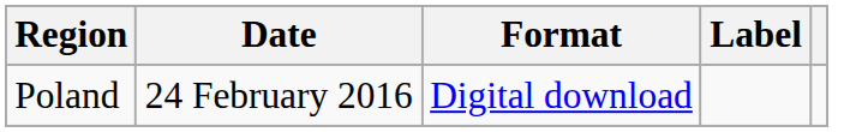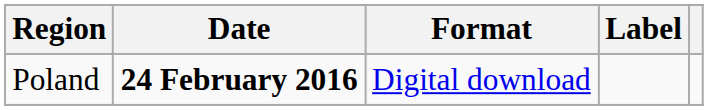 <table class=wikitable>
 <tr>
 <th>Region</th>
 <th>Date</th>
 <th>Format</th>
 <th>Label</th>
 <th scope="col"></th>
 </tr>
 <tr>
 <td>Poland</td>
-<td>24 February 2016</td>
+<td><strong>24 February 2016</strong></td>
 <td><a href='#'>Digital download</a></td>
 <td></td>
 <td align="center"></td>
 </tr>
 <tr>
 </tr>
 </table>
